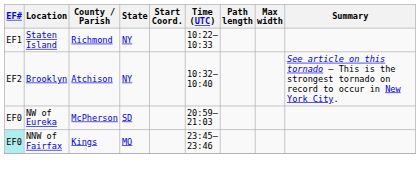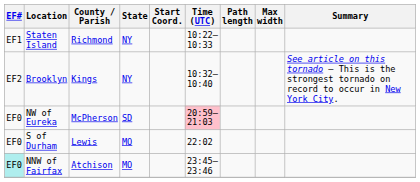 <table class="wikitable sortable" style="width:100%;">
 <tr>
 <th scope="col"  style="width:3%; text-align:center;"><a href='#'>EF#</a></th>
 <th scope="col"  style="width:7%; text-align:center;" class="unsortable">Location</th>
 <th scope="col"  style="width:6%; text-align:center;" class="unsortable">County / Parish</th>
 <th scope="col"  style="width:5%; text-align:center;">State</th>
 <th scope="col"  style="width:6%; text-align:center;">Start Coord.</th>
 <th scope="col"  style="width:6%; text-align:center;">Time (<a href='#'>UTC</a>)</th>
 <th scope="col"  style="width:6%; text-align:center;">Path length</th>
 <th scope="col"  style="width:6%; text-align:center;">Max width</th>
 <th scope="col" class="unsortable" style="width:48%; text-align:center;">Summary</th>
 </tr>
 <tr>
 <td>EF1</td>
 <td><a href='#'>Staten Island</a></td>
 <td><a href='#'>Richmond</a></td>
 <td><a href='#'>NY</a></td>
 <td></td>
 <td>10:22–10:33</td>
 <td></td>
 <td></td>
 <td></td>
 </tr>
 <tr>
 <td>EF2</td>
 <td><a href='#'>Brooklyn</a></td>
-<td><a href='#'>Atchison</a></td>
+<td><a href='#'>Kings</a></td>
 <td><a href='#'>NY</a></td>
 <td></td>
 <td>10:32–10:40</td>
 <td></td>
 <td></td>
 <td><em><a href='#'>See article on this tornado</a></em> – This is the strongest tornado on record to occur in <a href='#'>New York City</a>.</td>
 </tr>
 <tr>
 <td>EF0</td>
 <td>NW of <a href='#'>Eureka</a></td>
 <td><a href='#'>McPherson</a></td>
 <td><a href='#'>SD</a></td>
 <td></td>
-<td>20:59–21:03</td>
+<td style="background: pink;">20:59–21:03</td>
+<td></td>
+<td></td>
+<td></td>
+</tr>
+<tr>
+<td>EF0</td>
+<td>S of <a href='#'>Durham</a></td>
+<td><a href='#'>Lewis</a></td>
+<td><a href='#'>MO</a></td>
+<td></td>
+<td>22:02</td>
 <td></td>
 <td></td>
 <td></td>
 </tr>
 <tr>
 <td style="background: paleturquoise;">EF0</td>
 <td>NNW of <a href='#'>Fairfax</a></td>
-<td><a href='#'>Kings</a></td>
+<td><a href='#'>Atchison</a></td>
 <td><a href='#'>MO</a></td>
 <td></td>
 <td>23:45–23:46</td>
 <td></td>
 <td></td>
 <td></td>
 </tr>
 <tr>
 </tr>
 </table>
